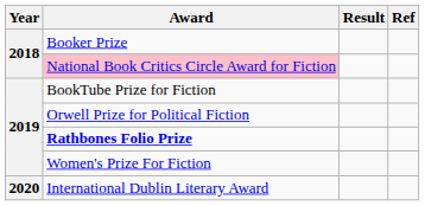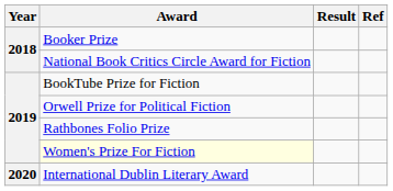 <table class="wikitable sortable">
 <tr>
 <th>Year</th>
 <th>Award</th>
 <th>Result</th>
 <th>Ref</th>
 </tr>
 <tr>
 <th rowspan="2">2018</th>
 <td><a href='#'>Booker Prize</a></td>
 <td></td>
 <td></td>
 </tr>
 <tr>
-<td style="background: pink;"><a href='#'>National Book Critics Circle Award for Fiction</a></td>
+<td><a href='#'>National Book Critics Circle Award for Fiction</a></td>
 <td></td>
 <td></td>
 </tr>
 <tr>
 <th rowspan="4">2019</th>
 <td>BookTube Prize for Fiction</td>
 <td></td>
 <td></td>
 </tr>
 <tr>
 <td><a href='#'>Orwell Prize for Political Fiction</a></td>
 <td></td>
 <td></td>
 </tr>
 <tr>
-<td><strong><a href='#'>Rathbones Folio Prize</a></strong></td>
+<td><a href='#'>Rathbones Folio Prize</a></td>
 <td></td>
 <td></td>
 </tr>
 <tr>
-<td><a href='#'>Women's Prize For Fiction</a></td>
+<td style="background: lightyellow;"><a href='#'>Women's Prize For Fiction</a></td>
 <td></td>
 <td></td>
 </tr>
 <tr>
 <th>2020</th>
 <td><a href='#'>International Dublin Literary Award</a></td>
 <td></td>
 <td></td>
 </tr>
 </table>
